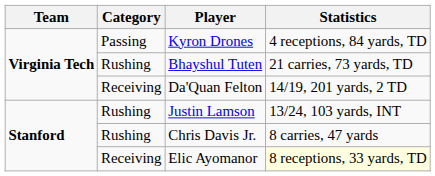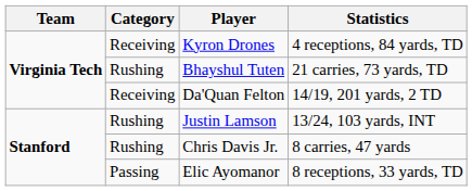 <table class="wikitable" style="float: right;">
 <tr>
 <th>Team</th>
 <th>Category</th>
 <th>Player</th>
 <th>Statistics</th>
 </tr>
 <tr>
 <td rowspan=3><strong>Virginia Tech</strong></td>
-<td>Passing</td>
+<td>Receiving</td>
 <td><a href='#'>Kyron Drones</a></td>
 <td>4 receptions, 84 yards, TD</td>
 </tr>
 <tr>
 <td>Rushing</td>
 <td><a href='#'>Bhayshul Tuten</a></td>
 <td>21 carries, 73 yards, TD</td>
 </tr>
 <tr>
 <td>Receiving</td>
 <td>Da'Quan Felton</td>
 <td>14/19, 201 yards, 2 TD</td>
 </tr>
 <tr>
 <td rowspan=3><strong>Stanford</strong></td>
 <td>Rushing</td>
 <td><a href='#'>Justin Lamson</a></td>
 <td>13/24, 103 yards, INT</td>
 </tr>
 <tr>
 <td>Rushing</td>
 <td>Chris Davis Jr.</td>
 <td>8 carries, 47 yards</td>
 </tr>
 <tr>
-<td>Receiving</td>
+<td>Passing</td>
 <td>Elic Ayomanor</td>
-<td style="background: lightyellow;">8 receptions, 33 yards, TD</td>
+<td>8 receptions, 33 yards, TD</td>
 </tr>
 </table>
